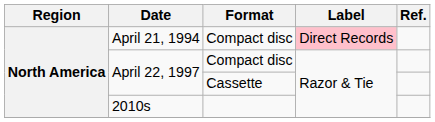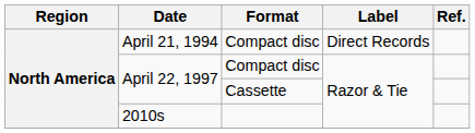 <table class="wikitable plainrowheaders">
 <tr>
 <th scope="col">Region</th>
 <th scope="col">Date</th>
 <th scope="col">Format</th>
 <th scope="col">Label</th>
 <th scope="col">Ref.</th>
 </tr>
 <tr>
 <th scope="row" rowspan="4">North America</th>
 <td>April 21, 1994</td>
 <td>Compact disc</td>
-<td style="background: pink;">Direct Records</td>
+<td>Direct Records</td>
 <td></td>
 </tr>
 <tr>
 <td rowspan="2">April 22, 1997</td>
 <td>Compact disc</td>
 <td rowspan="3">Razor & Tie</td>
 <td></td>
 </tr>
 <tr>
 <td>Cassette</td>
 <td></td>
 </tr>
 <tr>
 <td>2010s</td>
 <td></td>
 <td></td>
 </tr>
 <tr>
 </tr>
 </table>
